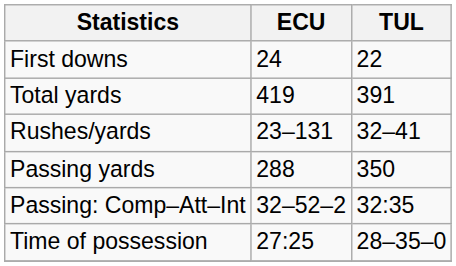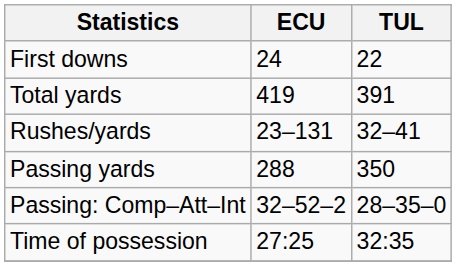 <table class="wikitable" style="float: left;">
 <tr>
 <th>Statistics</th>
 <th>ECU</th>
 <th>TUL</th>
 </tr>
 <tr>
 <td>First downs</td>
 <td>24</td>
 <td>22</td>
 </tr>
 <tr>
 <td>Total yards</td>
 <td>419</td>
 <td>391</td>
 </tr>
 <tr>
 <td>Rushes/yards</td>
 <td>23–131</td>
 <td>32–41</td>
 </tr>
 <tr>
 <td>Passing yards</td>
 <td>288</td>
 <td>350</td>
 </tr>
 <tr>
 <td>Passing: Comp–Att–Int</td>
 <td>32–52–2</td>
-<td>32:35</td>
+<td>28–35–0</td>
 </tr>
 <tr>
 <td>Time of possession</td>
 <td>27:25</td>
-<td>28–35–0</td>
+<td>32:35</td>
 </tr>
 <tr>
 </tr>
 </table>
